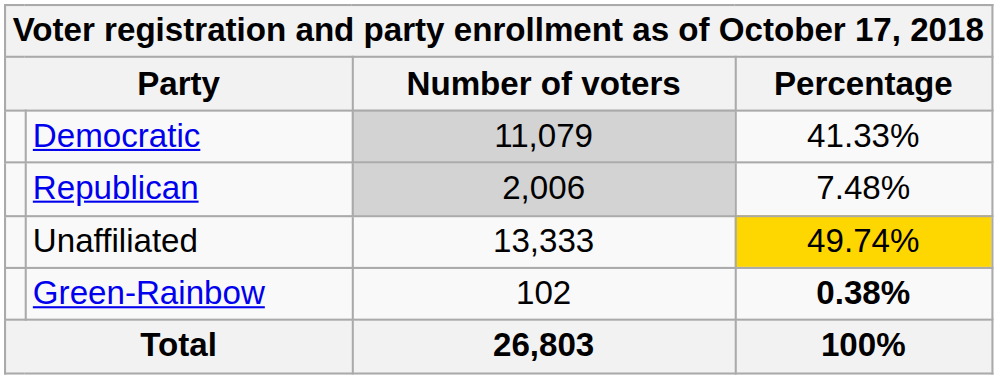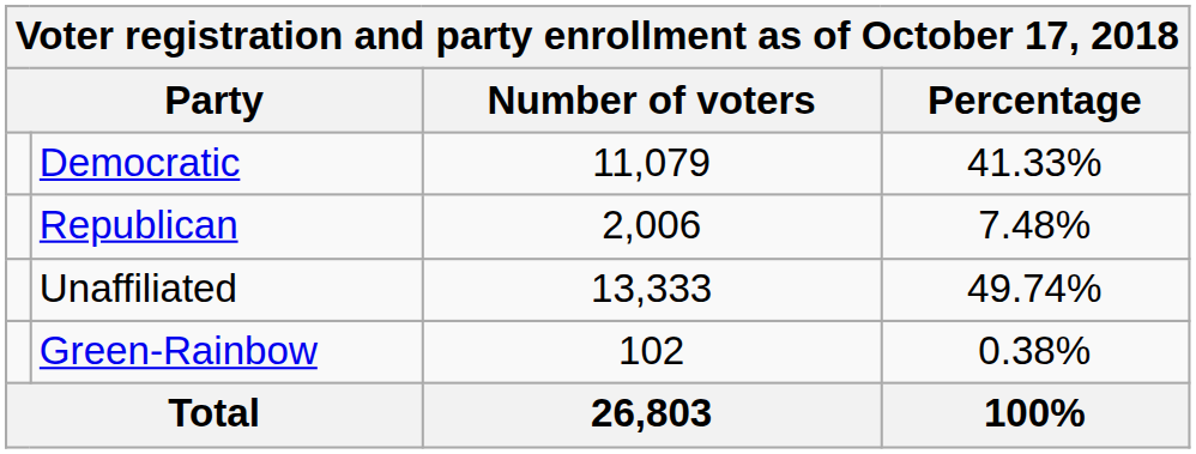 <table class=wikitable>
 <tr>
 <th colspan = 6>Voter registration and party enrollment as of October 17, 2018</th>
 </tr>
 <tr>
 <th colspan = 2>Party</th>
 <th>Number of voters</th>
 <th>Percentage</th>
 </tr>
 <tr>
 <td></td>
 <td><a href='#'>Democratic</a></td>
-<td style="background: lightgrey; text-align:center;">11,079</td>
+<td style="text-align:center;">11,079</td>
 <td style="text-align:center;">41.33%</td>
 </tr>
 <tr>
 <td></td>
 <td><a href='#'>Republican</a></td>
-<td style="background: lightgrey; text-align:center;">2,006</td>
+<td style="text-align:center;">2,006</td>
 <td style="text-align:center;">7.48%</td>
 </tr>
 <tr>
 <td></td>
 <td>Unaffiliated</td>
 <td style="text-align:center;">13,333</td>
-<td style="background: gold; text-align:center;">49.74%</td>
+<td style="text-align:center;">49.74%</td>
 </tr>
 <tr>
 <td></td>
 <td><a href='#'>Green-Rainbow</a></td>
 <td style="text-align:center;">102</td>
-<td style="text-align:center;"><strong>0.38%</strong></td>
+<td style="text-align:center;">0.38%</td>
 </tr>
 <tr>
 <th colspan = 2>Total</th>
 <th style="text-align:center;">26,803</th>
 <th style="text-align:center;">100%</th>
 </tr>
 </table>
